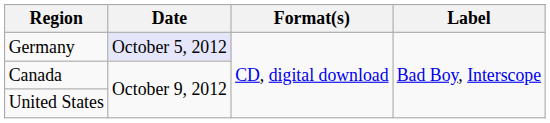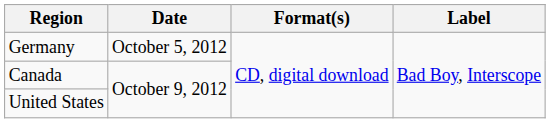 <table class="wikitable">
 <tr>
 <th>Region</th>
 <th>Date</th>
 <th>Format(s)</th>
 <th>Label</th>
 </tr>
 <tr>
 <td>Germany</td>
-<td style="background: lavender;">October 5, 2012</td>
+<td>October 5, 2012</td>
 <td rowspan="3"><a href='#'>CD</a>, <a href='#'>digital download</a></td>
 <td rowspan="3"><a href='#'>Bad Boy</a>, <a href='#'>Interscope</a></td>
 </tr>
 <tr>
 <td>Canada</td>
 <td rowspan="2">October 9, 2012</td>
 </tr>
 <tr>
 <td>United States</td>
 </tr>
 </table>
